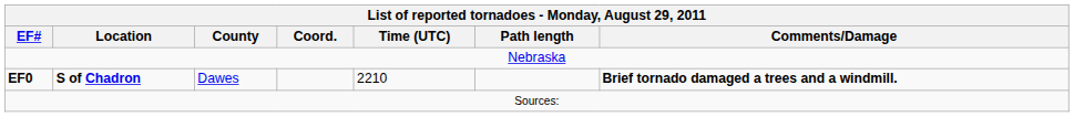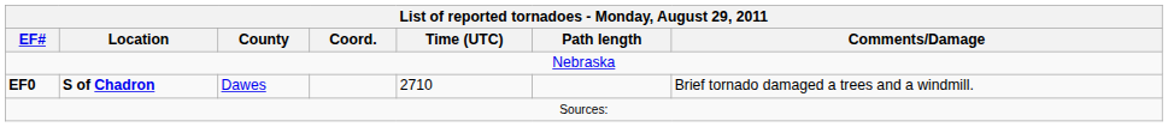 <table class="wikitable collapsible" width="100%">
 <tr>
 <th colspan="7">List of reported tornadoes - Monday, August 29, 2011</th>
 </tr>
 <tr>
 <th><a href='#'>EF#</a></th>
 <th>Location</th>
 <th>County</th>
 <th>Coord.</th>
 <th>Time (UTC)</th>
 <th>Path length</th>
 <th>Comments/Damage</th>
 </tr>
 <tr>
 <td colspan="7" align=center><a href='#'>Nebraska</a></td>
 </tr>
 <tr>
 <td><strong>EF0</strong></td>
 <td><strong>S of <a href='#'>Chadron</a></strong></td>
 <td><a href='#'>Dawes</a></td>
 <td></td>
-<td>2210</td>
+<td>2710</td>
 <td></td>
-<td><strong>Brief tornado damaged a trees and a windmill.</strong></td>
+<td>Brief tornado damaged a trees and a windmill.</td>
 </tr>
 <tr>
 <td colspan="7" align=center><small>Sources: </small></td>
 </tr>
 </table>
